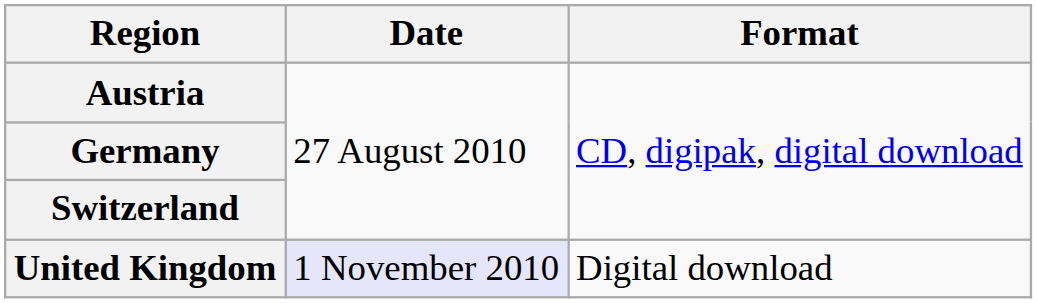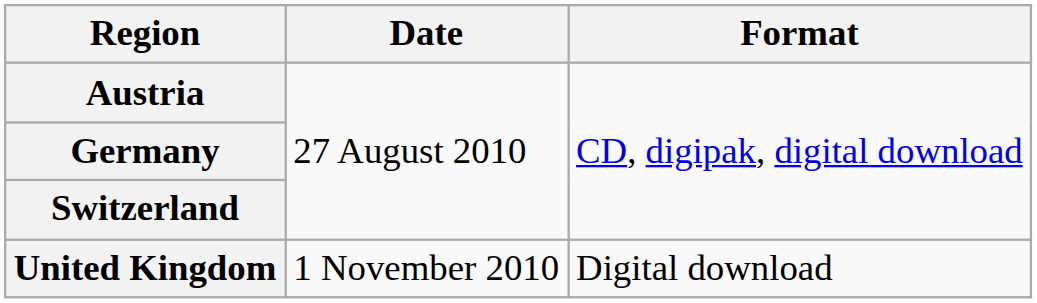 <table class="wikitable plainrowheaders" border="1">
 <tr>
 <th scope="col">Region</th>
 <th scope="col">Date</th>
 <th scope="col">Format</th>
 </tr>
 <tr>
 <th scope="row">Austria</th>
 <td rowspan="3">27 August 2010</td>
 <td rowspan="3"><a href='#'>CD</a>, <a href='#'>digipak</a>, <a href='#'>digital download</a></td>
 </tr>
 <tr>
 <th scope="row">Germany</th>
 </tr>
 <tr>
 <th scope="row">Switzerland</th>
 </tr>
 <tr>
 <th scope="row">United Kingdom</th>
-<td style="background: lavender;">1 November 2010</td>
+<td>1 November 2010</td>
 <td>Digital download</td>
 </tr>
 </table>
